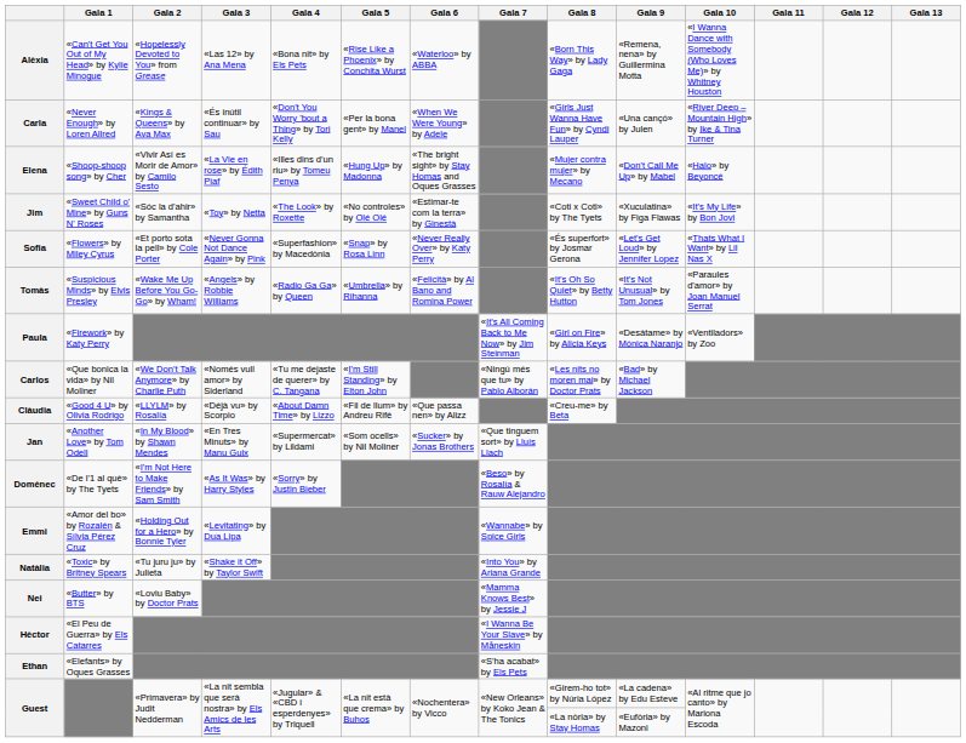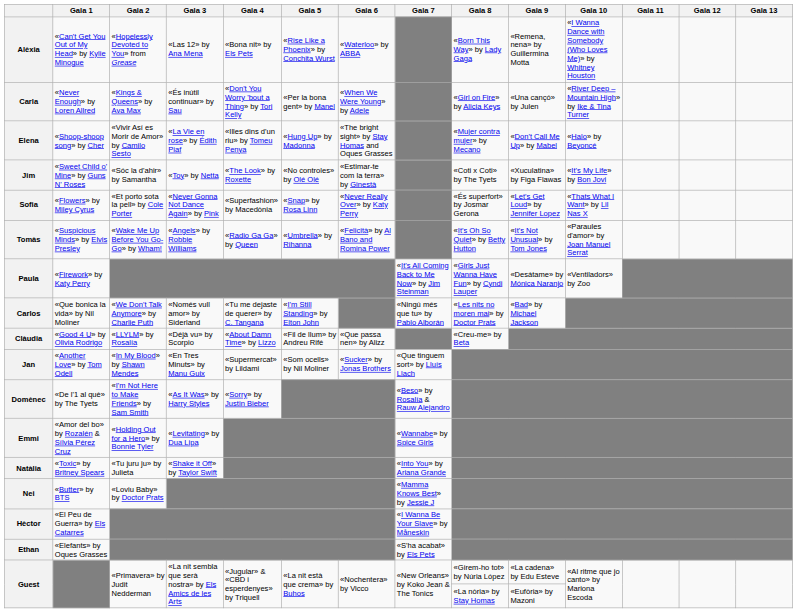 <table class="wikitable mw-collapsible" role="presentation" style="font-size:75%;" width:98%; text-align:center; margin-left: auto; margin-right: auto">
 <tr>
 <th style="width:6%"></th>
 <th style="width:7%">Gala 1</th>
 <th style="width:7%">Gala 2</th>
 <th style="width:7%">Gala 3</th>
 <th style="width:7%">Gala 4</th>
 <th style="width:7%">Gala 5</th>
 <th style="width:7%">Gala 6</th>
 <th style="width:7%">Gala 7</th>
 <th style="width:7%">Gala 8</th>
 <th style="width:7%">Gala 9</th>
 <th style="width:7%">Gala 10</th>
 <th style="width:7%">Gala 11</th>
 <th style="width:7%">Gala 12</th>
 <th style="width:7%">Gala 13</th>
 </tr>
 <tr>
 <th>Alèxia</th>
 <td>«<a href='#'>Can't Get You Out of My Head</a>» by <a href='#'>Kylie Minogue</a></td>
 <td>«<a href='#'>Hopelessly Devoted to You</a>» from <em><a href='#'>Grease</a></em></td>
 <td>«Las 12» by <a href='#'>Ana Mena</a></td>
 <td>«Bona nit» by <a href='#'>Els Pets</a></td>
 <td>«<a href='#'>Rise Like a Phoenix</a>» by <a href='#'>Conchita Wurst</a></td>
 <td>«<a href='#'>Waterloo</a>» by <a href='#'>ABBA</a></td>
 <td style="background:gray"></td>
 <td>«<a href='#'>Born This Way</a>» by <a href='#'>Lady Gaga</a></td>
 <td>«Remena, nena» by Guillermina Motta</td>
 <td>«<a href='#'>I Wanna Dance with Somebody (Who Loves Me)</a>» by <a href='#'>Whitney Houston</a></td>
 <td></td>
 <td></td>
 <td></td>
 </tr>
 <tr>
 <th>Carla</th>
 <td>«<a href='#'>Never Enough</a>» by <a href='#'>Loren Allred</a></td>
 <td>«<a href='#'>Kings & Queens</a>» by <a href='#'>Ava Max</a></td>
 <td>«És inútil continuar» by <a href='#'>Sau</a></td>
 <td>«<a href='#'>Don't You Worry 'bout a Thing</a>» by <a href='#'>Tori Kelly</a></td>
 <td>«Per la bona gent» by <a href='#'>Manel</a></td>
 <td>«<a href='#'>When We Were Young</a>» by <a href='#'>Adele</a></td>
 <td style="background:gray"></td>
-<td>«<a href='#'>Girls Just Wanna Have Fun</a>» by <a href='#'>Cyndi Lauper</a></td>
+<td>«<a href='#'>Girl on Fire</a>» by <a href='#'>Alicia Keys</a></td>
 <td>«Una cançó» by Julen</td>
 <td>«<a href='#'>River Deep – Mountain High</a>» by <a href='#'>Ike & Tina Turner</a></td>
 <td></td>
 <td></td>
 <td></td>
 </tr>
 <tr>
 <th>Elena</th>
 <td>«<a href='#'>Shoop-shoop song</a>» by <a href='#'>Cher</a></td>
 <td>«Vivir Así es Morir de Amor» by <a href='#'>Camilo Sesto</a></td>
 <td>«<a href='#'>La Vie en rose</a>» by <a href='#'>Édith Piaf</a></td>
 <td>«Illes dins d'un riu» by <a href='#'>Tomeu Penya</a></td>
 <td>«<a href='#'>Hung Up</a>» by <a href='#'>Madonna</a></td>
 <td>«The bright sight» by <a href='#'>Stay Homas</a> and Oques Grasses</td>
 <td style="background:gray"></td>
 <td>«<a href='#'>Mujer contra mujer</a>» by <a href='#'>Mecano</a></td>
 <td>«<a href='#'>Don't Call Me Up</a>» by <a href='#'>Mabel</a></td>
 <td>«<a href='#'>Halo</a>» by <a href='#'>Beyoncé</a></td>
 <td></td>
 <td></td>
 <td></td>
 </tr>
 <tr>
 <th>Jim</th>
 <td>«<a href='#'>Sweet Child o' Mine</a>» by <a href='#'>Guns N' Roses</a></td>
 <td>«Sóc la d'ahir» by Samantha</td>
 <td>«<a href='#'>Toy</a>» by <a href='#'>Netta</a></td>
 <td>«<a href='#'>The Look</a>» by <a href='#'>Roxette</a></td>
 <td>«No controles» by <a href='#'>Olé Olé</a></td>
 <td>«Estimar-te com la terra» by <a href='#'>Ginestà</a></td>
 <td style="background:gray"></td>
 <td>«Coti x Coti» by The Tyets</td>
 <td>«Xuculatina» by Figa Flawas</td>
 <td>«<a href='#'>It's My Life</a>» by <a href='#'>Bon Jovi</a></td>
 <td></td>
 <td></td>
 <td></td>
 </tr>
 <tr>
 <th>Sofia</th>
 <td>«<a href='#'>Flowers</a>» by <a href='#'>Miley Cyrus</a></td>
 <td>«Et porto sota la pell» by <a href='#'>Cole Porter</a></td>
 <td>«<a href='#'>Never Gonna Not Dance Again</a>» by <a href='#'>Pink</a></td>
 <td>«Superfashion» by Macedònia</td>
 <td>«<a href='#'>Snap</a>» by <a href='#'>Rosa Linn</a></td>
 <td>«<a href='#'>Never Really Over</a>» by <a href='#'>Katy Perry</a></td>
 <td style="background:gray"></td>
 <td>«És superfort» by Josmar Gerona</td>
 <td>«<a href='#'>Let's Get Loud</a>» by <a href='#'>Jennifer Lopez</a></td>
 <td>«<a href='#'>Thats What I Want</a>» by <a href='#'>Lil Nas X</a></td>
 <td></td>
 <td></td>
 <td></td>
 </tr>
 <tr>
 <th>Tomàs</th>
 <td>«<a href='#'>Suspicious Minds</a>» by <a href='#'>Elvis Presley</a></td>
 <td>«<a href='#'>Wake Me Up Before You Go-Go</a>» by <a href='#'>Wham!</a></td>
 <td>«<a href='#'>Angels</a>» by <a href='#'>Robbie Williams</a></td>
 <td>«<a href='#'>Radio Ga Ga</a>» by <a href='#'>Queen</a></td>
 <td>«<a href='#'>Umbrella</a>» by <a href='#'>Rihanna</a></td>
 <td>«<a href='#'>Felicità</a>» by <a href='#'>Al Bano and Romina Power</a></td>
 <td style="background:gray"></td>
 <td>«<a href='#'>It's Oh So Quiet</a>» by <a href='#'>Betty Hutton</a></td>
 <td>«<a href='#'>It's Not Unusual</a>» by <a href='#'>Tom Jones</a></td>
 <td>«Paraules d'amor» by <a href='#'>Joan Manuel Serrat</a></td>
 <td></td>
 <td></td>
 <td></td>
 </tr>
 <tr>
 <th>Paula</th>
 <td>«<a href='#'>Firework</a>» by <a href='#'>Katy Perry</a></td>
 <td colspan=5 style="background:gray"></td>
 <td>«<a href='#'>It's All Coming Back to Me Now</a>» by <a href='#'>Jim Steinman</a></td>
-<td>«<a href='#'>Girl on Fire</a>» by <a href='#'>Alicia Keys</a></td>
+<td>«<a href='#'>Girls Just Wanna Have Fun</a>» by <a href='#'>Cyndi Lauper</a></td>
 <td>«Desátame» by <a href='#'>Mónica Naranjo</a></td>
 <td>«Ventiladors» by Zoo</td>
 <td colspan=3 style="background:gray"></td>
 </tr>
 <tr>
 <th>Carlos</th>
 <td>«Que bonica la vida» by Nil Moliner</td>
 <td>«<a href='#'>We Don't Talk Anymore</a>» by <a href='#'>Charlie Puth</a></td>
 <td>«Només vull amor» by Siderland</td>
 <td>«Tu me dejaste de querer» by <a href='#'>C. Tangana</a></td>
 <td>«<a href='#'>I'm Still Standing</a>» by <a href='#'>Elton John</a></td>
 <td style="background:gray"></td>
 <td>«Ningú més que tu» by <a href='#'>Pablo Alborán</a></td>
 <td>«<a href='#'>Les nits no moren mai</a>» by <a href='#'>Doctor Prats</a></td>
 <td>«<a href='#'>Bad</a>» by <a href='#'>Michael Jackson</a></td>
 <td colspan=4 style="background:gray"></td>
 </tr>
 <tr>
 <th>Clàudia</th>
 <td>«<a href='#'>Good 4 U</a>» by <a href='#'>Olivia Rodrigo</a></td>
 <td>«<a href='#'>LLYLM</a>» by <a href='#'>Rosalía</a></td>
 <td>«Déjà vu» by Scorpio</td>
 <td>«<a href='#'>About Damn Time</a>» by <a href='#'>Lizzo</a></td>
 <td>«Fil de llum» by Andreu Rifé</td>
 <td>«Que passa nen» by Alizz</td>
 <td style="background:gray"></td>
 <td>«Creu-me» by <a href='#'>Beta</a></td>
 <td colspan=5 style="background:gray"></td>
 </tr>
 <tr>
 <th>Jan</th>
 <td>«<a href='#'>Another Love</a>» by <a href='#'>Tom Odell</a></td>
 <td>«<a href='#'>In My Blood</a>» by <a href='#'>Shawn Mendes</a></td>
 <td>«En Tres Minuts» by <a href='#'>Manu Guix</a></td>
 <td>«Supermercat» by Lildami</td>
 <td>«Som ocells» by Nil Moliner</td>
 <td>«<a href='#'>Sucker</a>» by <a href='#'>Jonas Brothers</a></td>
 <td>«Que tinguem sort» by <a href='#'>Lluís Llach</a></td>
 <td colspan=6 style="background:gray"></td>
 </tr>
 <tr>
 <th>Domènec</th>
 <td>«De l'1 al què» by The Tyets</td>
 <td>«<a href='#'>I'm Not Here to Make Friends</a>» by <a href='#'>Sam Smith</a></td>
 <td>«<a href='#'>As It Was</a>» by <a href='#'>Harry Styles</a></td>
 <td>«<a href='#'>Sorry</a>» by <a href='#'>Justin Bieber</a></td>
 <td colspan=2 style="background:gray"></td>
 <td>«<a href='#'>Beso</a>» by <a href='#'>Rosalía</a> & <a href='#'>Rauw Alejandro</a></td>
 <td colspan=6 style="background:gray"></td>
 </tr>
 <tr>
 <th>Emmi</th>
 <td>«Amor del bo» by <a href='#'>Rozalén</a> & <a href='#'>Sílvia Pérez Cruz</a></td>
 <td>«<a href='#'>Holding Out for a Hero</a>» by <a href='#'>Bonnie Tyler</a></td>
 <td>«<a href='#'>Levitating</a>» by <a href='#'>Dua Lipa</a></td>
 <td colspan=3 style="background:gray"></td>
 <td>«<a href='#'>Wannabe</a>» by <a href='#'>Spice Girls</a></td>
 <td colspan=6 style="background:gray"></td>
 </tr>
 <tr>
 <th>Natàlia</th>
 <td>«<a href='#'>Toxic</a>» by <a href='#'>Britney Spears</a></td>
 <td>«Tu juru ju» by Julieta</td>
 <td>«<a href='#'>Shake it Off</a>» by <a href='#'>Taylor Swift</a></td>
 <td colspan=3 style="background:gray"></td>
 <td>«<a href='#'>Into You</a>» by <a href='#'>Ariana Grande</a></td>
 <td colspan=6 style="background:gray"></td>
 </tr>
 <tr>
 <th>Nei</th>
 <td>«<a href='#'>Butter</a>» by <a href='#'>BTS</a></td>
 <td>«Loviu Baby» by <a href='#'>Doctor Prats</a></td>
 <td colspan=4 style="background:gray"></td>
 <td>«<a href='#'>Mamma Knows Best</a>» by <a href='#'>Jessie J</a></td>
 <td colspan=6 style="background:gray"></td>
 </tr>
 <tr>
 <th>Hèctor</th>
 <td>«El Peu de Guerra» by <a href='#'>Els Catarres</a></td>
 <td colspan=5 style="background:gray"></td>
 <td>«<a href='#'>I Wanna Be Your Slave</a>» by <a href='#'>Måneskin</a></td>
 <td colspan=6 style="background:gray"></td>
 </tr>
 <tr>
 <th>Ethan</th>
 <td>«Elefants» by Oques Grasses</td>
 <td colspan=5 style="background:gray"></td>
 <td>«S'ha acabat» by <a href='#'>Els Pets</a></td>
 <td colspan=6 style="background:gray"></td>
 </tr>
 <tr>
 <th rowspan=2>Guest</th>
 <td rowspan=2 style="background:gray"></td>
 <td rowspan=2>«Primavera» by Judit Nedderman</td>
 <td rowspan=2>«La nit sembla que serà nostra» by <a href='#'>Els Amics de les Arts</a></td>
 <td rowspan=2>«Jugular» & «CBD i esperdenyes» by Triquell</td>
 <td rowspan=2>«La nit està que crema» by <a href='#'>Buhos</a></td>
 <td rowspan=2>«Nochentera» by Vicco</td>
 <td rowspan=2>«New Orleans» by Koko Jean & The Tonics</td>
 <td>«Girem-ho tot» by Núria López</td>
 <td>«La cadena» by Edu Esteve</td>
 <td rowspan=2>«Al ritme que jo canto» by Mariona Escoda</td>
 <td rowspan=2></td>
 <td rowspan=2></td>
 </tr>
 <tr>
 <td>«La nòria» by <a href='#'>Stay Homas</a></td>
 <td>«Eufòria» by Mazoni</td>
 </tr>
 </table>
